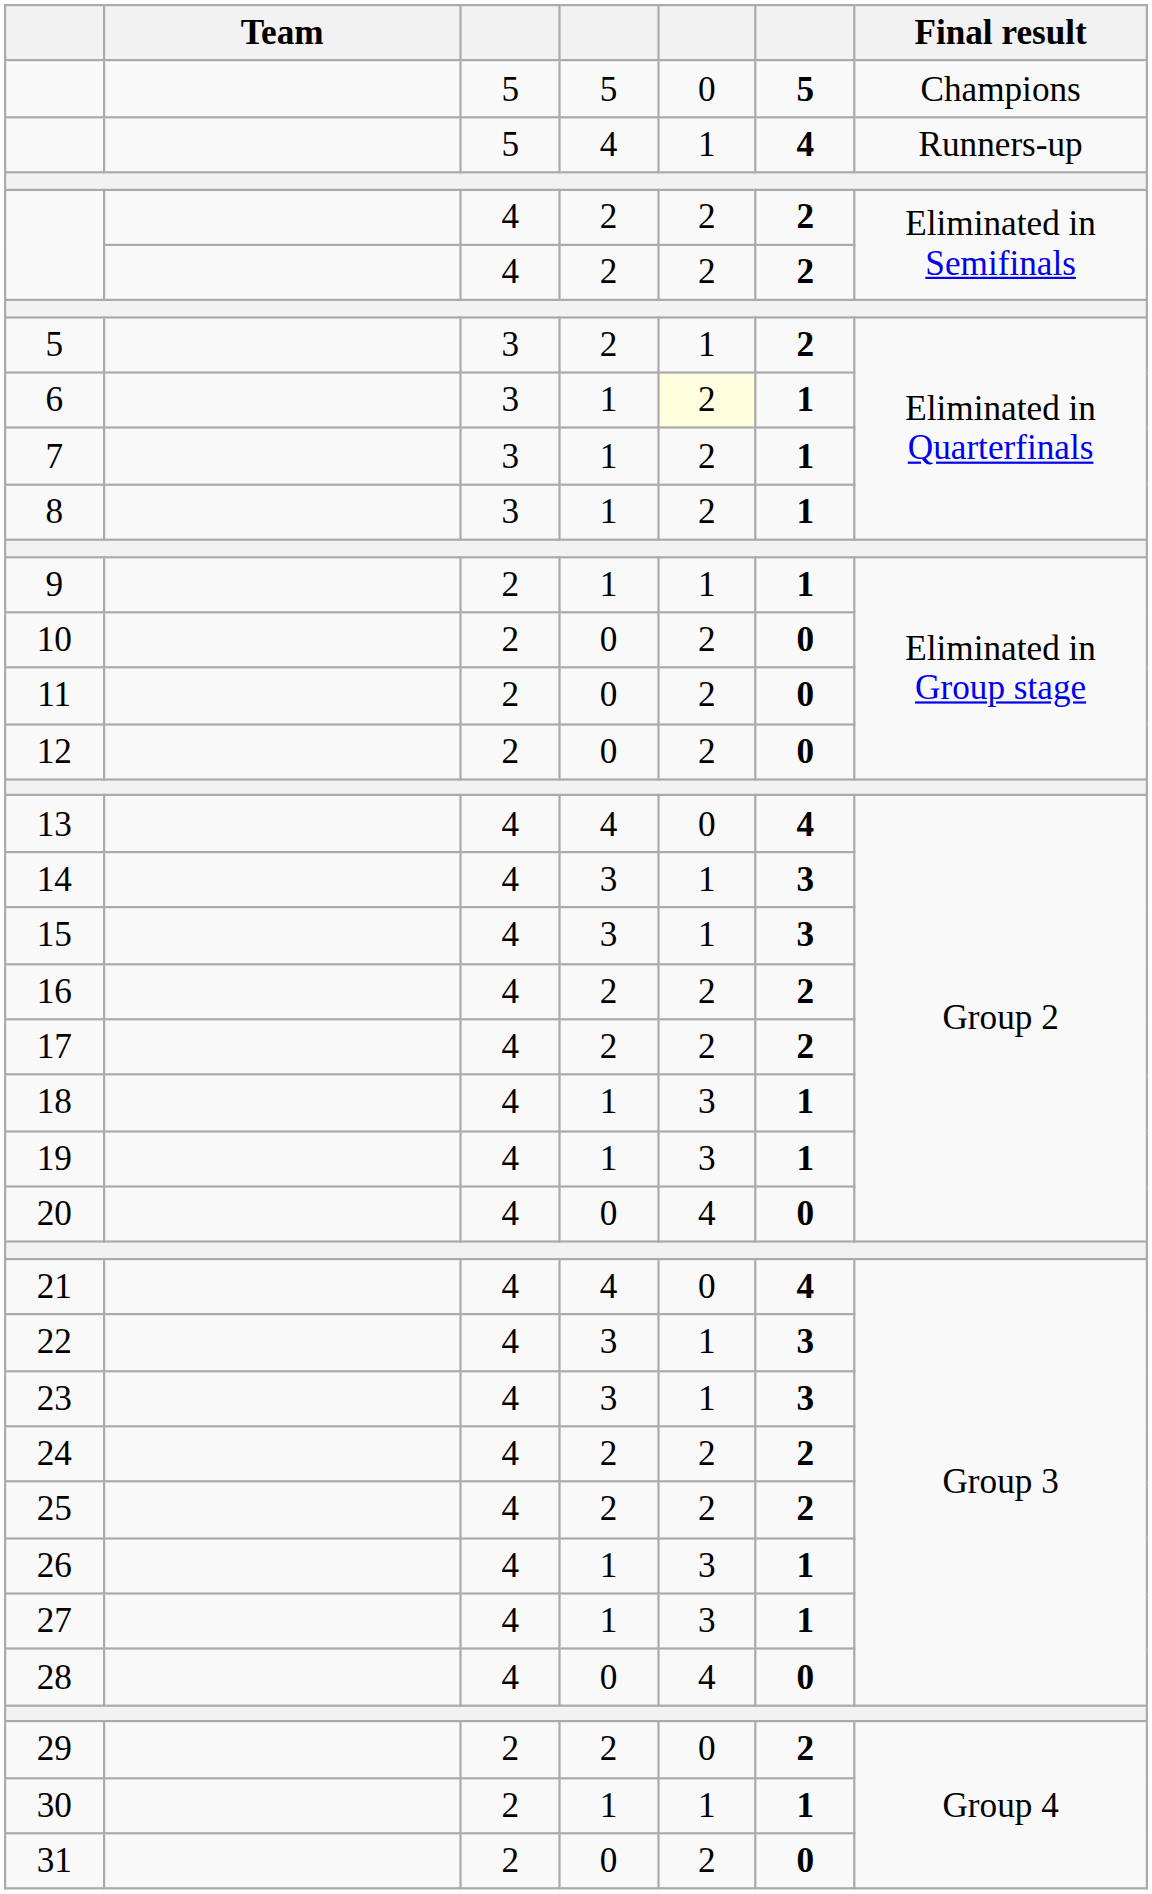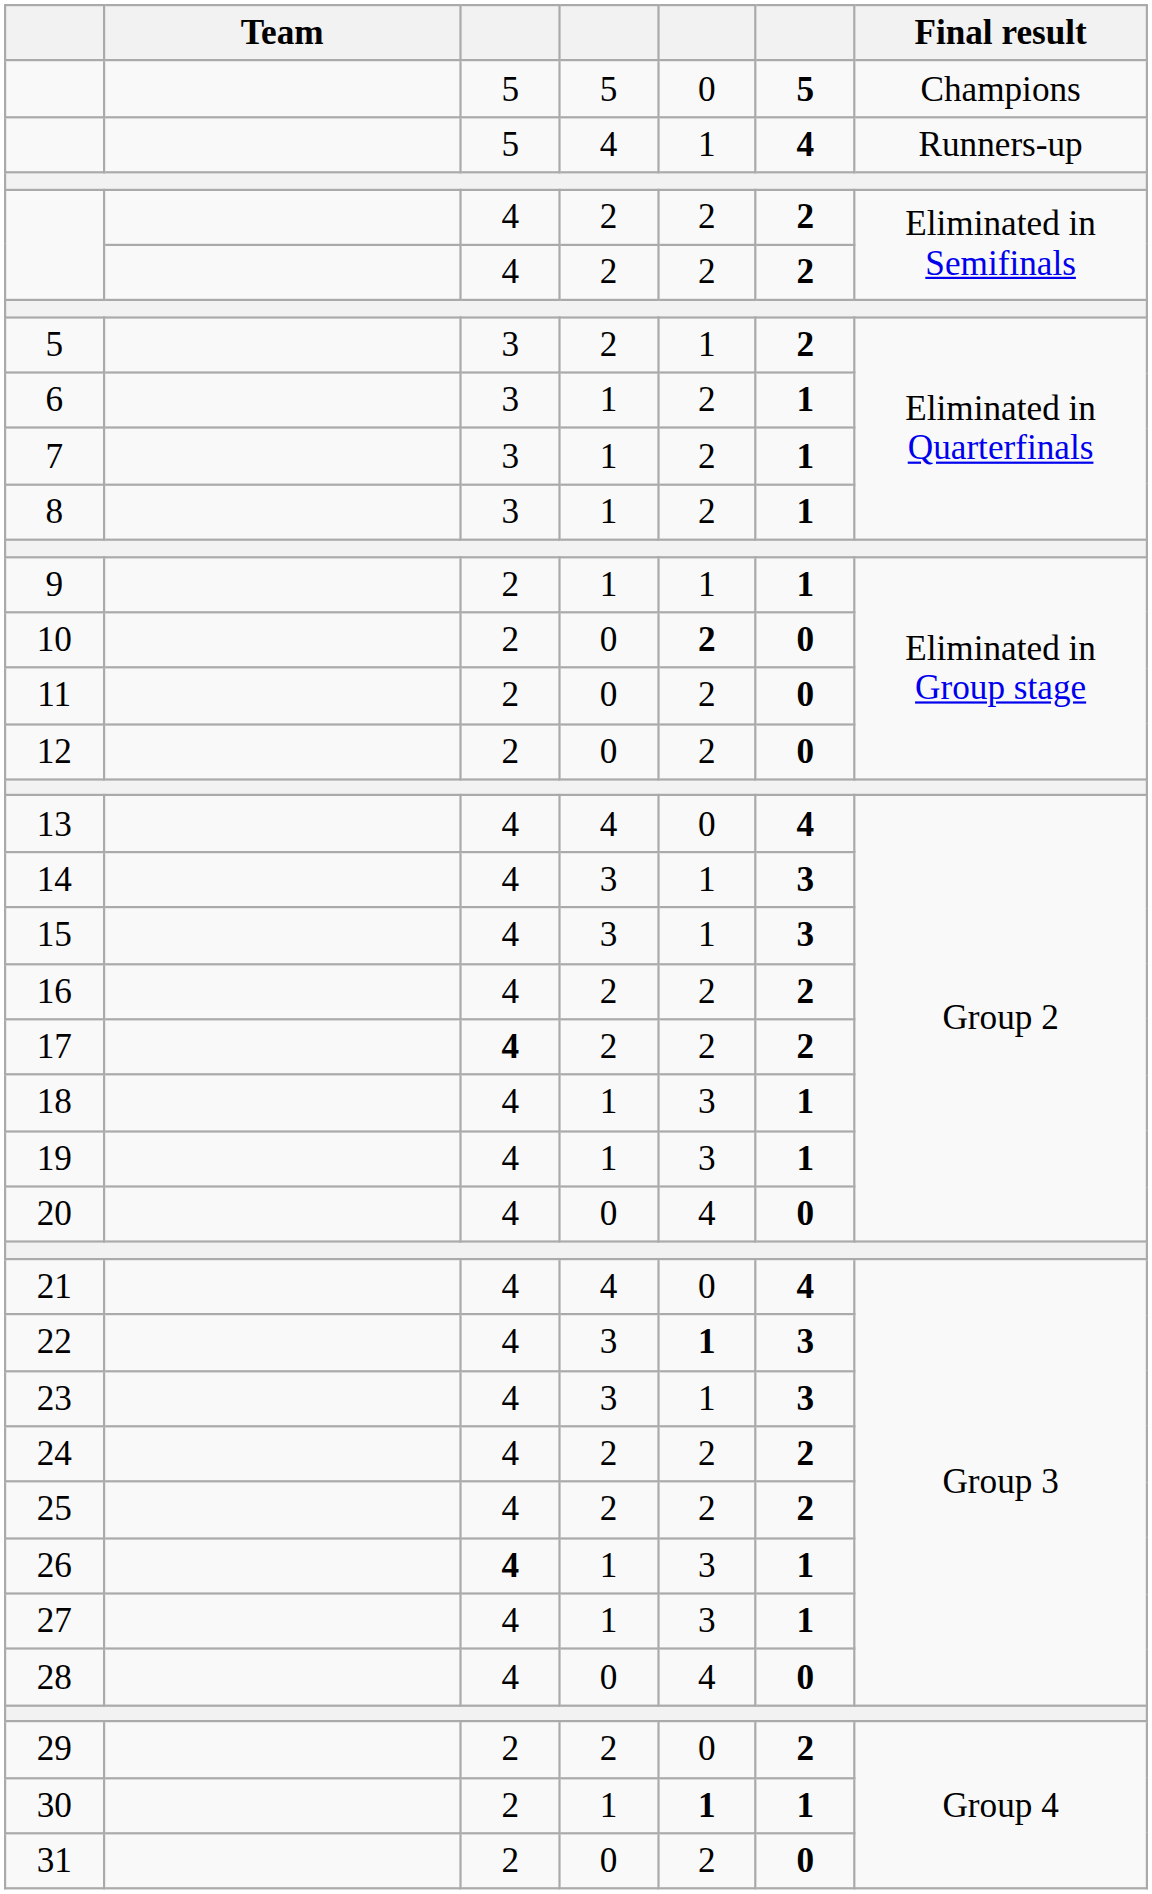 <table class=wikitable style="text-align:center;" width=520>
 <tr>
 <th width=5.5%></th>
 <th width=20%>Team</th>
 <th width=5.5%></th>
 <th width=5.5%></th>
 <th width=5.5%></th>
 <th width=5.5%></th>
 <th width=14%>Final result</th>
 </tr>
 <tr>
 <td></td>
 <td align="left"></td>
 <td>5</td>
 <td>5</td>
 <td>0</td>
 <td><strong>5</strong></td>
 <td>Champions</td>
 </tr>
 <tr>
 <td></td>
 <td align="left"></td>
 <td>5</td>
 <td>4</td>
 <td>1</td>
 <td><strong>4</strong></td>
 <td>Runners-up</td>
 </tr>
 <tr>
 <th colspan="7"></th>
 </tr>
 <tr>
 <td rowspan="2"></td>
 <td align="left"></td>
 <td>4</td>
 <td>2</td>
 <td>2</td>
 <td><strong>2</strong></td>
 <td rowspan="2">Eliminated in <a href='#'>Semifinals</a></td>
 </tr>
 <tr>
 <td align="left"></td>
 <td>4</td>
 <td>2</td>
 <td>2</td>
 <td><strong>2</strong></td>
 </tr>
 <tr>
 <th colspan="7"></th>
 </tr>
 <tr>
 <td>5</td>
 <td align="left"></td>
 <td>3</td>
 <td>2</td>
 <td>1</td>
 <td><strong>2</strong></td>
 <td rowspan="4">Eliminated in <a href='#'>Quarterfinals</a></td>
 </tr>
 <tr>
 <td>6</td>
 <td align="left"></td>
 <td>3</td>
 <td>1</td>
-<td style="background: lightyellow;">2</td>
+<td>2</td>
 <td><strong>1</strong></td>
 </tr>
 <tr>
 <td>7</td>
 <td align="left"></td>
 <td>3</td>
 <td>1</td>
 <td>2</td>
 <td><strong>1</strong></td>
 </tr>
 <tr>
 <td>8</td>
 <td align="left"></td>
 <td>3</td>
 <td>1</td>
 <td>2</td>
 <td><strong>1</strong></td>
 </tr>
 <tr>
 <th colspan="7"></th>
 </tr>
 <tr>
 <td>9</td>
 <td align="left"></td>
 <td>2</td>
 <td>1</td>
 <td>1</td>
 <td><strong>1</strong></td>
 <td rowspan="4">Eliminated in <a href='#'>Group stage</a></td>
 </tr>
 <tr>
 <td>10</td>
 <td align="left"></td>
 <td>2</td>
 <td>0</td>
-<td>2</td>
+<td><strong>2</strong></td>
 <td><strong>0</strong></td>
 </tr>
 <tr>
 <td>11</td>
 <td align="left"></td>
 <td>2</td>
 <td>0</td>
 <td>2</td>
 <td><strong>0</strong></td>
 </tr>
 <tr>
 <td>12</td>
 <td align="left"></td>
 <td>2</td>
 <td>0</td>
 <td>2</td>
 <td><strong>0</strong></td>
 </tr>
 <tr>
 <th colspan="7"></th>
 </tr>
 <tr>
 <td>13</td>
 <td align="left"></td>
 <td>4</td>
 <td>4</td>
 <td>0</td>
 <td><strong>4</strong></td>
 <td rowspan="8">Group 2</td>
 </tr>
 <tr>
 <td>14</td>
 <td align="left"></td>
 <td>4</td>
 <td>3</td>
 <td>1</td>
 <td><strong>3</strong></td>
 </tr>
 <tr>
 <td>15</td>
 <td align="left"></td>
 <td>4</td>
 <td>3</td>
 <td>1</td>
 <td><strong>3</strong></td>
 </tr>
 <tr>
 <td>16</td>
 <td align="left"></td>
 <td>4</td>
 <td>2</td>
 <td>2</td>
 <td><strong>2</strong></td>
 </tr>
 <tr>
 <td>17</td>
 <td align="left"></td>
-<td>4</td>
+<td><strong>4</strong></td>
 <td>2</td>
 <td>2</td>
 <td><strong>2</strong></td>
 </tr>
 <tr>
 <td>18</td>
 <td align="left"></td>
 <td>4</td>
 <td>1</td>
 <td>3</td>
 <td><strong>1</strong></td>
 </tr>
 <tr>
 <td>19</td>
 <td align="left"></td>
 <td>4</td>
 <td>1</td>
 <td>3</td>
 <td><strong>1</strong></td>
 </tr>
 <tr>
 <td>20</td>
 <td align="left"></td>
 <td>4</td>
 <td>0</td>
 <td>4</td>
 <td><strong>0</strong></td>
 </tr>
 <tr>
 <th colspan="7"></th>
 </tr>
 <tr>
 <td>21</td>
 <td align="left"></td>
 <td>4</td>
 <td>4</td>
 <td>0</td>
 <td><strong>4</strong></td>
 <td rowspan="8">Group 3</td>
 </tr>
 <tr>
 <td>22</td>
 <td align="left"></td>
 <td>4</td>
 <td>3</td>
-<td>1</td>
+<td><strong>1</strong></td>
 <td><strong>3</strong></td>
 </tr>
 <tr>
 <td>23</td>
 <td align="left"></td>
 <td>4</td>
 <td>3</td>
 <td>1</td>
 <td><strong>3</strong></td>
 </tr>
 <tr>
 <td>24</td>
 <td align="left"></td>
 <td>4</td>
 <td>2</td>
 <td>2</td>
 <td><strong>2</strong></td>
 </tr>
 <tr>
 <td>25</td>
 <td align="left"></td>
 <td>4</td>
 <td>2</td>
 <td>2</td>
 <td><strong>2</strong></td>
 </tr>
 <tr>
 <td>26</td>
 <td align="left"></td>
-<td>4</td>
+<td><strong>4</strong></td>
 <td>1</td>
 <td>3</td>
 <td><strong>1</strong></td>
 </tr>
 <tr>
 <td>27</td>
 <td align="left"></td>
 <td>4</td>
 <td>1</td>
 <td>3</td>
 <td><strong>1</strong></td>
 </tr>
 <tr>
 <td>28</td>
 <td align="left"></td>
 <td>4</td>
 <td>0</td>
 <td>4</td>
 <td><strong>0</strong></td>
 </tr>
 <tr>
 <th colspan="7"></th>
 </tr>
 <tr>
 <td>29</td>
 <td align="left"></td>
 <td>2</td>
 <td>2</td>
 <td>0</td>
 <td><strong>2</strong></td>
 <td rowspan="3">Group 4</td>
 </tr>
 <tr>
 <td>30</td>
 <td align="left"></td>
 <td>2</td>
 <td>1</td>
-<td>1</td>
+<td><strong>1</strong></td>
 <td><strong>1</strong></td>
 </tr>
 <tr>
 <td>31</td>
 <td align="left"></td>
 <td>2</td>
 <td>0</td>
 <td>2</td>
 <td><strong>0</strong></td>
 </tr>
 </table>
